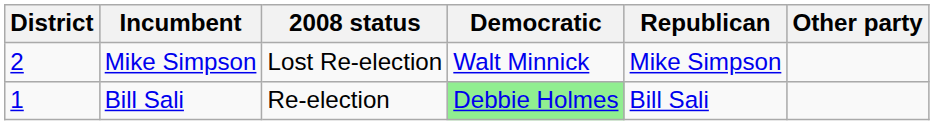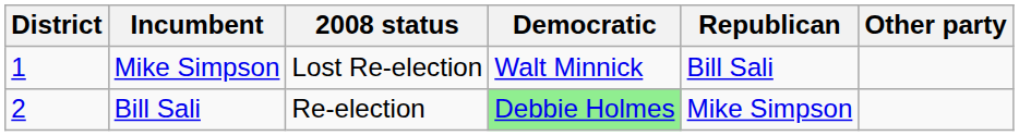 <table class="wikitable">
 <tr>
 <th>District</th>
 <th>Incumbent</th>
 <th>2008 status</th>
 <th>Democratic</th>
 <th>Republican</th>
 <th>Other party</th>
 </tr>
 <tr>
-<td><a href='#'>2</a></td>
+<td><a href='#'>1</a></td>
 <td><a href='#'>Mike Simpson</a></td>
 <td>Lost Re-election</td>
 <td><a href='#'>Walt Minnick</a></td>
+<td><a href='#'>Bill Sali</a></td>
+<td></td>
+</tr>
+<tr>
+<td><a href='#'>2</a></td>
+<td><a href='#'>Bill Sali</a></td>
+<td>Re-election</td>
+<td style="background: lightgreen;"><a href='#'>Debbie Holmes</a></td>
 <td><a href='#'>Mike Simpson</a></td>
 <td></td>
 </tr>
-<tr>
-<td><a href='#'>1</a></td>
-<td><a href='#'>Bill Sali</a></td>
-<td>Re-election</td>
-<td style="background: lightgreen;"><a href='#'>Debbie Holmes</a></td>
-<td><a href='#'>Bill Sali</a></td>
-<td></td>
-</tr>
 </table>
